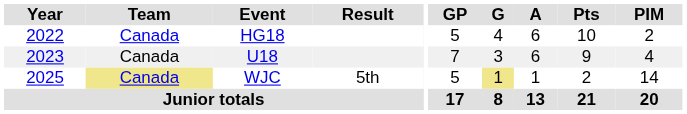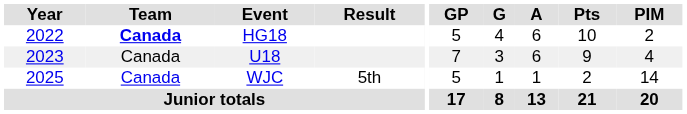 <table border="0" cellpadding="1" cellspacing="0" ID="Table3" style="text-align:center; width:40em">
 <tr bgcolor="#e0e0e0">
 <th>Year</th>
 <th>Team</th>
 <th>Event</th>
 <th>Result</th>
 <th rowspan="99" bgcolor="#ffffff"></th>
 <th>GP</th>
 <th>G</th>
 <th>A</th>
 <th>Pts</th>
 <th>PIM</th>
 </tr>
 <tr>
 <td><a href='#'>2022</a></td>
-<td><a href='#'>Canada</a></td>
+<td><strong><a href='#'>Canada</a></strong></td>
 <td><a href='#'>HG18</a></td>
 <td></td>
 <td>5</td>
 <td>4</td>
 <td>6</td>
 <td>10</td>
 <td>2</td>
 </tr>
 <tr bgcolor="#f0f0f0">
 <td><a href='#'>2023</a></td>
 <td>Canada</td>
 <td><a href='#'>U18</a></td>
 <td></td>
 <td>7</td>
 <td>3</td>
 <td>6</td>
 <td>9</td>
 <td>4</td>
 </tr>
 <tr>
 <td><a href='#'>2025</a></td>
-<td style="background: khaki;"><a href='#'>Canada</a></td>
+<td><a href='#'>Canada</a></td>
 <td><a href='#'>WJC</a></td>
 <td>5th</td>
 <td>5</td>
-<td style="background: khaki;">1</td>
+<td>1</td>
 <td>1</td>
 <td>2</td>
 <td>14</td>
 </tr>
 <tr bgcolor="#e0e0e0">
 <th colspan="4">Junior totals</th>
 <th>17</th>
 <th>8</th>
 <th>13</th>
 <th>21</th>
 <th>20</th>
 </tr>
 </table>
